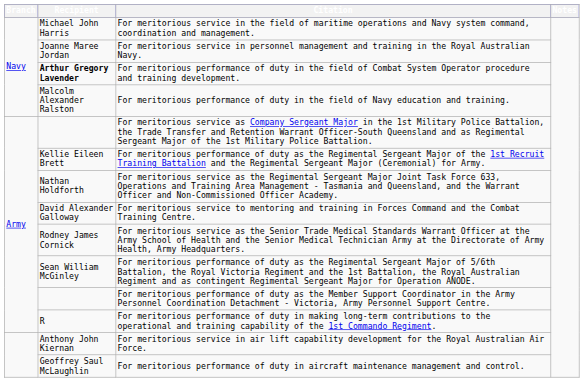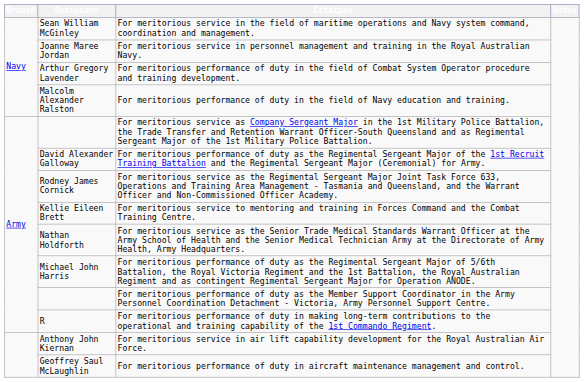 <table class="wikitable" style="font-size:95%;">
 <tr style="background: blue; color: white">
 <th>Branch</th>
 <th>Recipient</th>
 <th>Citation</th>
 <th>Notes</th>
 </tr>
 <tr>
 <td rowspan=4><a href='#'>Navy</a></td>
-<td> Michael John Harris </td>
+<td> Sean William McGinley</td>
 <td>For meritorious service in the field of maritime operations and Navy system command, coordination and management.</td>
 <td rowspan=14></td>
 </tr>
 <tr>
 <td> Joanne Maree Jordan</td>
 <td>For meritorious service in personnel management and training in the Royal Australian Navy.</td>
 </tr>
 <tr>
-<td><strong> Arthur Gregory Lavender</strong></td>
+<td> Arthur Gregory Lavender</td>
 <td>For meritorious performance of duty in the field of Combat System Operator procedure and training development.</td>
 </tr>
 <tr>
 <td> Malcolm Alexander Ralston </td>
 <td>For meritorious performance of duty in the field of Navy education and training.</td>
 </tr>
 <tr>
 <td rowspan=8><a href='#'>Army</a></td>
 <td></td>
 <td>For meritorious service as <a href='#'>Company Sergeant Major</a> in the 1st Military Police Battalion, the Trade Transfer and Retention Warrant Officer-South Queensland and as Regimental Sergeant Major of the 1st Military Police Battalion.</td>
 </tr>
 <tr>
-<td> Kellie Eileen Brett</td>
+<td> David Alexander Galloway</td>
 <td>For meritorious performance of duty as the Regimental Sergeant Major of the <a href='#'>1st Recruit Training Battalion</a> and the Regimental Sergeant Major (Ceremonial) for Army.</td>
 </tr>
 <tr>
-<td> Nathan Holdforth</td>
+<td> Rodney James Cornick</td>
 <td>For meritorious service as the Regimental Sergeant Major Joint Task Force 633, Operations and Training Area Management - Tasmania and Queensland, and the Warrant Officer and Non-Commissioned Officer Academy.</td>
 </tr>
 <tr>
-<td> David Alexander Galloway</td>
+<td> Kellie Eileen Brett</td>
 <td>For meritorious service to mentoring and training in Forces Command and the Combat Training Centre.</td>
 </tr>
 <tr>
-<td> Rodney James Cornick</td>
+<td> Nathan Holdforth</td>
 <td>For meritorious service as the Senior Trade Medical Standards Warrant Officer at the Army School of Health and the Senior Medical Technician Army at the Directorate of Army Health, Army Headquarters.</td>
 </tr>
 <tr>
-<td> Sean William McGinley</td>
+<td> Michael John Harris </td>
 <td>For meritorious performance of duty as the Regimental Sergeant Major of 5/6th Battalion, the Royal Victoria Regiment and the 1st Battalion, the Royal Australian Regiment and as contingent Regimental Sergeant Major for Operation ANODE.</td>
 </tr>
 <tr>
 <td></td>
 <td>For meritorious performance of duty as the Member Support Coordinator in the Army Personnel Coordination Detachment - Victoria, Army Personnel Support Centre.</td>
 </tr>
 <tr>
 <td> R</td>
 <td>For meritorious performance of duty in making long-term contributions to the operational and training capability of the <a href='#'>1st Commando Regiment</a>.</td>
 </tr>
 <tr>
 <td rowspan=2></td>
 <td> Anthony John Kiernan</td>
 <td>For meritorious service in air lift capability development for the Royal Australian Air Force.</td>
 </tr>
 <tr>
 <td> Geoffrey Saul McLaughlin</td>
 <td>For meritorious performance of duty in aircraft maintenance management and control.</td>
 </tr>
 </table>
